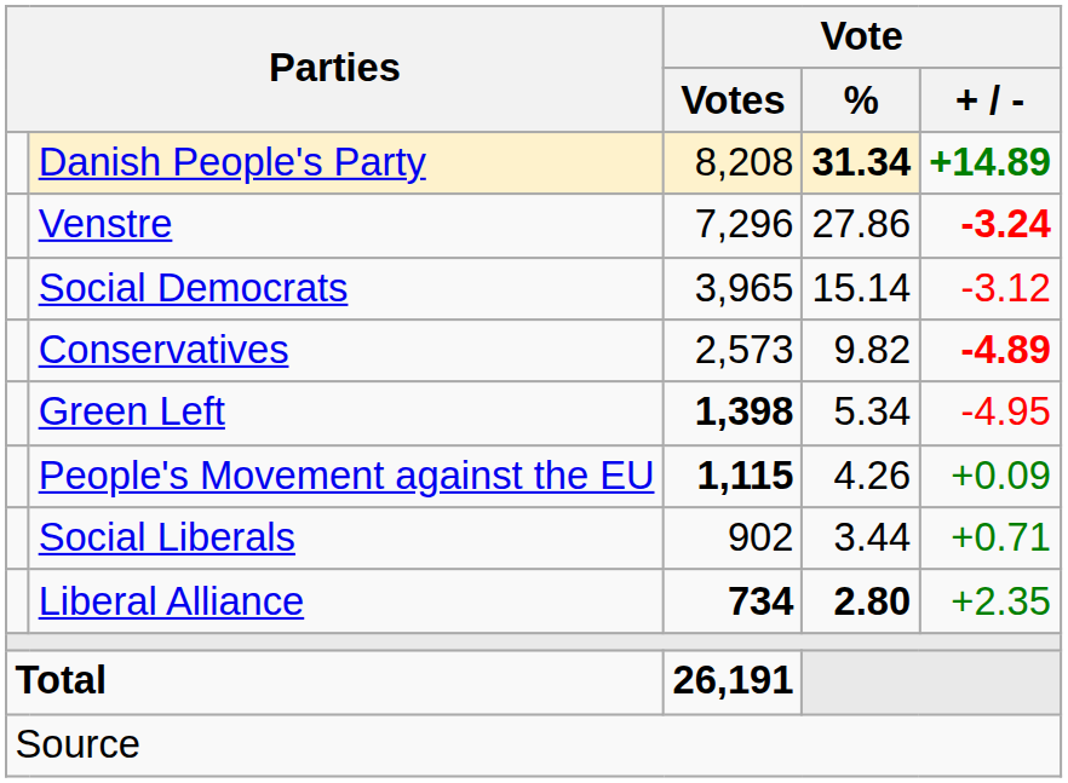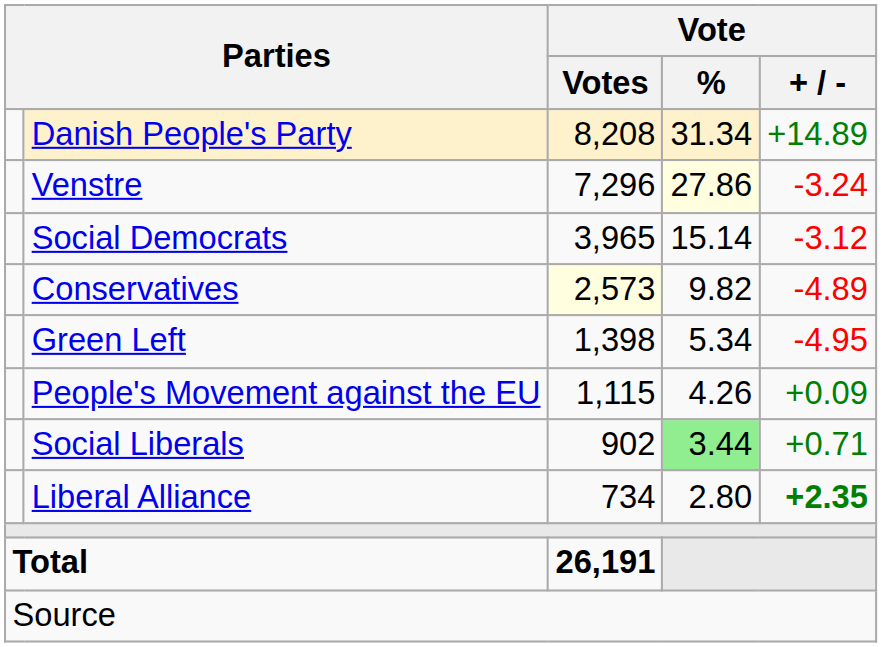 <table class="wikitable" style="text-align:right;">
 <tr>
 <th style="text-align:centre;" rowspan="2" colspan="2" width="225">Parties</th>
 <th colspan="3">Vote</th>
 </tr>
 <tr>
 <th width="15">Votes</th>
 <th width="15">%</th>
 <th width="15">+ / -</th>
 </tr>
 <tr>
 <td width="2" style="color:inherit;background:"></td>
 <td bgcolor=#fef2cc   align="left"><a href='#'>Danish People's Party</a></td>
 <td bgcolor=#fef2cc>8,208</td>
-<td bgcolor=#fef2cc><strong>31.34</strong></td>
-<td style=color:green;><strong>+14.89</strong></td>
+<td bgcolor=#fef2cc>31.34</td>
+<td style=color:green;>+14.89</td>
 </tr>
 <tr>
 <td width="2" style="color:inherit;background:"></td>
 <td align="left"><a href='#'>Venstre</a></td>
 <td>7,296</td>
-<td>27.86</td>
-<td style=color:red;><strong>-3.24</strong></td>
+<td style="background: lightyellow;">27.86</td>
+<td style=color:red;>-3.24</td>
 </tr>
 <tr>
 <td width="2" style="color:inherit;background:"></td>
 <td align="left"><a href='#'>Social Democrats</a></td>
 <td>3,965</td>
 <td>15.14</td>
 <td style=color:red;>-3.12</td>
 </tr>
 <tr>
 <td width="2" style="color:inherit;background:"></td>
 <td align="left"><a href='#'>Conservatives</a></td>
-<td>2,573</td>
+<td style="background: lightyellow;">2,573</td>
 <td>9.82</td>
-<td style=color:red;><strong>-4.89</strong></td>
+<td style=color:red;>-4.89</td>
 </tr>
 <tr>
 <td width="2" style="color:inherit;background:"></td>
 <td align="left"><a href='#'>Green Left</a></td>
-<td><strong>1,398</strong></td>
+<td>1,398</td>
 <td>5.34</td>
 <td style=color:red;>-4.95</td>
 </tr>
 <tr>
 <td width="2" style="color:inherit;background:"></td>
 <td align="left"><a href='#'>People's Movement against the EU</a></td>
-<td><strong>1,115</strong></td>
+<td>1,115</td>
 <td>4.26</td>
 <td style=color:green;>+0.09</td>
 </tr>
 <tr>
 <td width="2" style="color:inherit;background:"></td>
 <td align="left"><a href='#'>Social Liberals</a></td>
 <td>902</td>
-<td>3.44</td>
+<td style="background: lightgreen;">3.44</td>
 <td style=color:green;>+0.71</td>
 </tr>
 <tr>
 <td width="2" style="color:inherit;background:"></td>
 <td align="left"><a href='#'>Liberal Alliance</a></td>
-<td><strong>734</strong></td>
-<td><strong>2.80</strong></td>
-<td style=color:green;>+2.35</td>
+<td>734</td>
+<td>2.80</td>
+<td style=color:green;><strong>+2.35</strong></td>
 </tr>
 <tr>
 <td colspan="7" bgcolor="#E9E9E9"></td>
 </tr>
 <tr>
 <td align="left" colspan="2"><strong>Total</strong></td>
 <td><strong>26,191</strong></td>
 <td bgcolor="#E9E9E9" colspan="2"></td>
 </tr>
 <tr>
 <td align="left" colspan="6">Source</td>
 </tr>
 </table>
